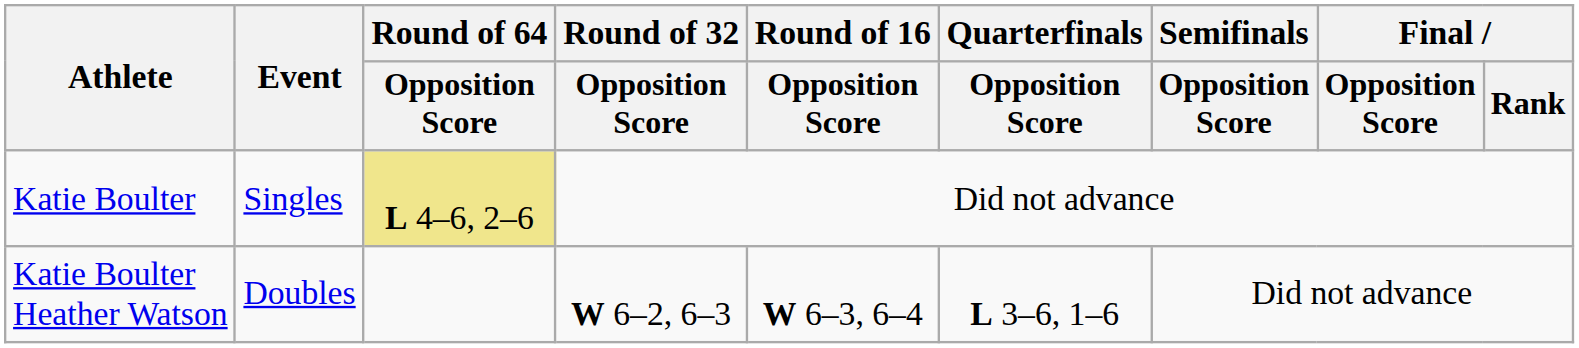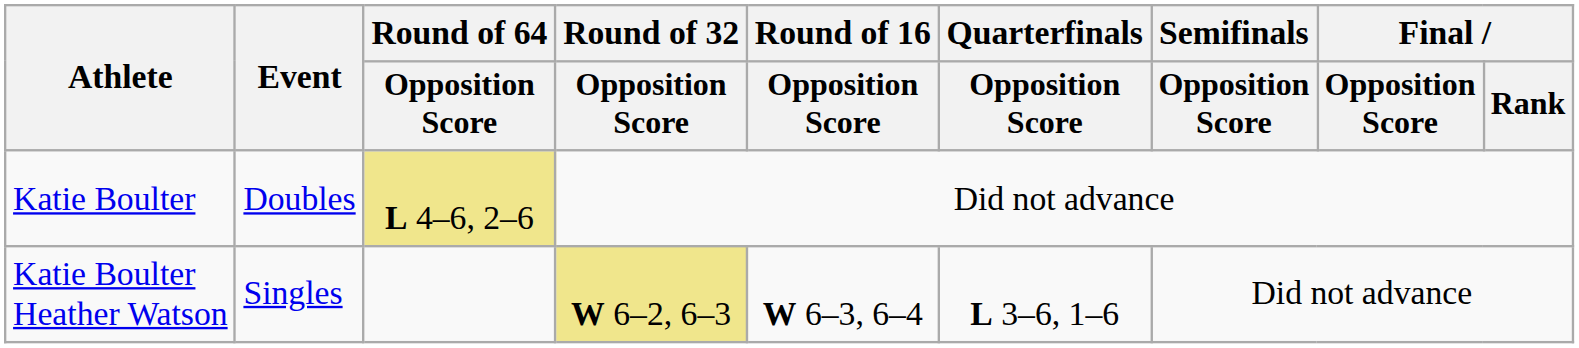 <table class=wikitable style="font-size:90%">
 <tr>
 <th rowspan="2">Athlete</th>
 <th rowspan="2">Event</th>
 <th>Round of 64</th>
 <th>Round of 32</th>
 <th>Round of 16</th>
 <th>Quarterfinals</th>
 <th>Semifinals</th>
 <th colspan=2>Final / </th>
 </tr>
 <tr style="font-size:95%">
 <th>Opposition<br>Score</th>
 <th>Opposition<br>Score</th>
 <th>Opposition<br>Score</th>
 <th>Opposition<br>Score</th>
 <th>Opposition<br>Score</th>
 <th>Opposition<br>Score</th>
 <th>Rank</th>
 </tr>
 <tr align=center>
 <td align=left><a href='#'>Katie Boulter</a></td>
-<td align="left"><a href='#'>Singles</a></td>
+<td align=left><a href='#'>Doubles</a></td>
 <td style="background: khaki;"><br><strong>L</strong> 4–6, 2–6</td>
 <td colspan="6">Did not advance</td>
 </tr>
 <tr align=center>
 <td align=left><a href='#'>Katie Boulter</a><br><a href='#'>Heather Watson</a></td>
-<td align=left><a href='#'>Doubles</a></td>
+<td align="left"><a href='#'>Singles</a></td>
 <td></td>
-<td><br><strong>W</strong> 6–2, 6–3</td>
+<td style="background: khaki;"><br><strong>W</strong> 6–2, 6–3</td>
 <td><br><strong>W</strong> 6–3, 6–4</td>
 <td><br><strong>L</strong> 3–6, 1–6</td>
 <td colspan=3>Did not advance</td>
 </tr>
 </table>
